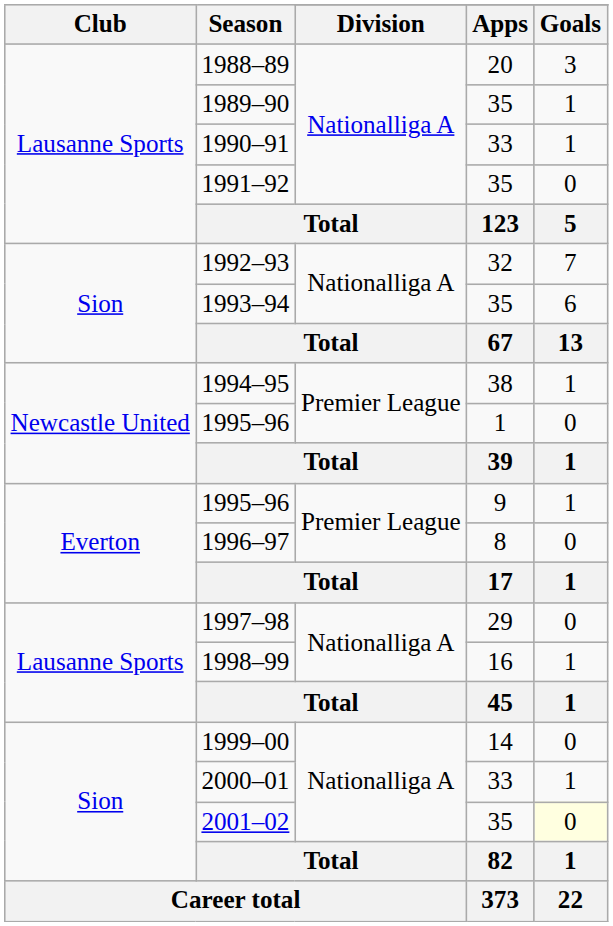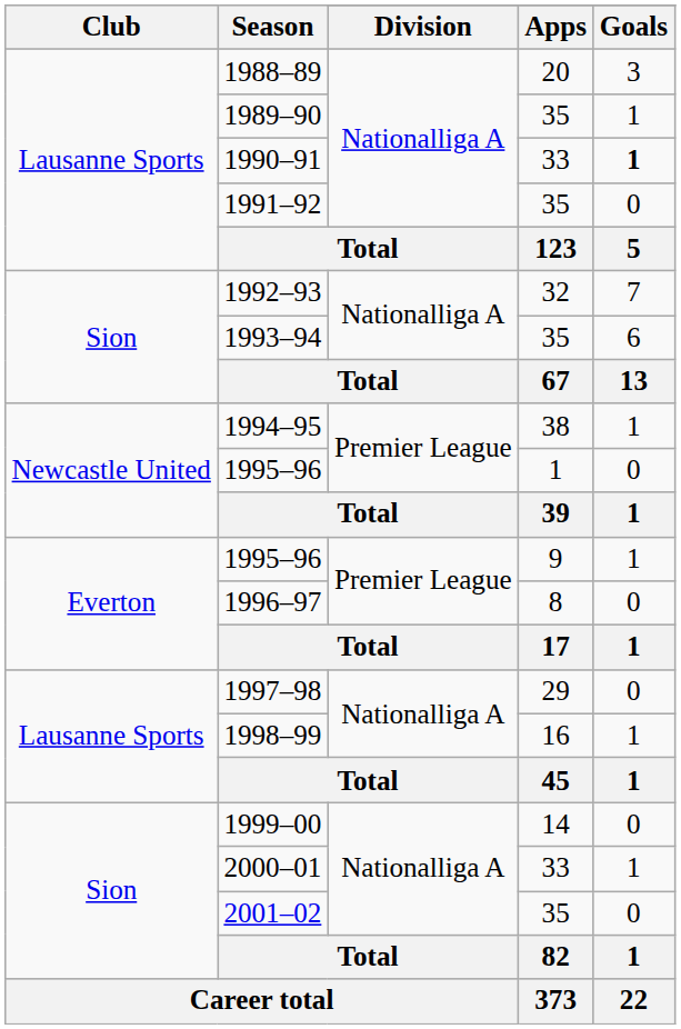 <table class="wikitable" style="text-align:center">
 <tr>
 <th rowspan="2">Club</th>
 <th rowspan="2">Season</th>
 </tr>
 <tr>
 <th>Division</th>
 <th>Apps</th>
 <th>Goals</th>
 </tr>
 <tr>
 <td rowspan="5"><a href='#'>Lausanne Sports</a></td>
 <td>1988–89</td>
 <td rowspan="4"><a href='#'>Nationalliga A</a></td>
 <td>20</td>
 <td>3</td>
 </tr>
 <tr>
 <td>1989–90</td>
 <td>35</td>
 <td>1</td>
 </tr>
 <tr>
 <td>1990–91</td>
 <td>33</td>
-<td>1</td>
+<td><strong>1</strong></td>
 </tr>
 <tr>
 <td>1991–92</td>
 <td>35</td>
 <td>0</td>
 </tr>
 <tr>
 <th colspan="2">Total</th>
 <th>123</th>
 <th>5</th>
 </tr>
 <tr>
 <td rowspan="3"><a href='#'>Sion</a></td>
 <td>1992–93</td>
 <td rowspan="2">Nationalliga A</td>
 <td>32</td>
 <td>7</td>
 </tr>
 <tr>
 <td>1993–94</td>
 <td>35</td>
 <td>6</td>
 </tr>
 <tr>
 <th colspan="2">Total</th>
 <th>67</th>
 <th>13</th>
 </tr>
 <tr>
 <td rowspan="3"><a href='#'>Newcastle United</a></td>
 <td>1994–95</td>
 <td rowspan="2">Premier League</td>
 <td>38</td>
 <td>1</td>
 </tr>
 <tr>
 <td>1995–96</td>
 <td>1</td>
 <td>0</td>
 </tr>
 <tr>
 <th colspan="2">Total</th>
 <th>39</th>
 <th>1</th>
 </tr>
 <tr>
 <td rowspan="3"><a href='#'>Everton</a></td>
 <td>1995–96</td>
 <td rowspan="2">Premier League</td>
 <td>9</td>
 <td>1</td>
 </tr>
 <tr>
 <td>1996–97</td>
 <td>8</td>
 <td>0</td>
 </tr>
 <tr>
 <th colspan="2">Total</th>
 <th>17</th>
 <th>1</th>
 </tr>
 <tr>
 <td rowspan="3"><a href='#'>Lausanne Sports</a></td>
 <td>1997–98</td>
 <td rowspan="2">Nationalliga A</td>
 <td>29</td>
 <td>0</td>
 </tr>
 <tr>
 <td>1998–99</td>
 <td>16</td>
 <td>1</td>
 </tr>
 <tr>
 <th colspan="2">Total</th>
 <th>45</th>
 <th>1</th>
 </tr>
 <tr>
 <td rowspan="4"><a href='#'>Sion</a></td>
 <td>1999–00</td>
 <td rowspan="3">Nationalliga A</td>
 <td>14</td>
 <td>0</td>
 </tr>
 <tr>
 <td>2000–01</td>
 <td>33</td>
 <td>1</td>
 </tr>
 <tr>
 <td><a href='#'>2001–02</a></td>
 <td>35</td>
-<td style="background: lightyellow;">0</td>
+<td>0</td>
 </tr>
 <tr>
 <th colspan="2">Total</th>
 <th>82</th>
 <th>1</th>
 </tr>
 <tr>
 <th colspan="3">Career total</th>
 <th>373</th>
 <th>22</th>
 </tr>
 </table>
